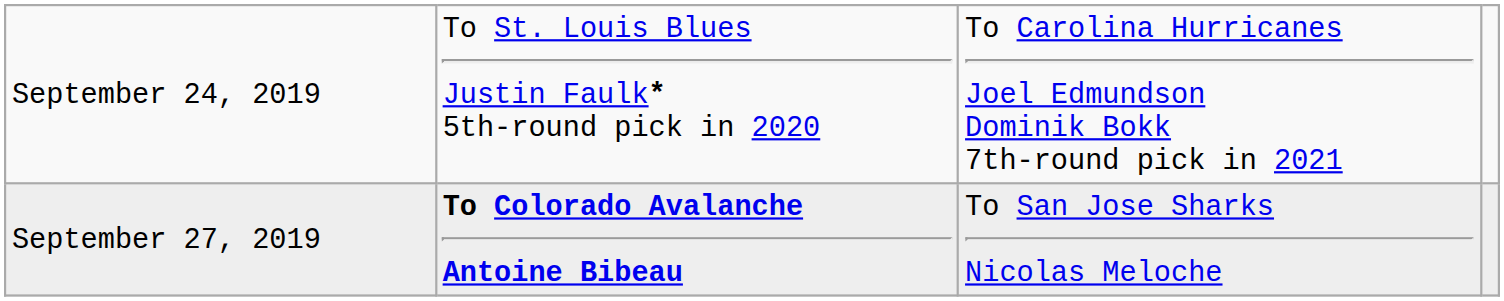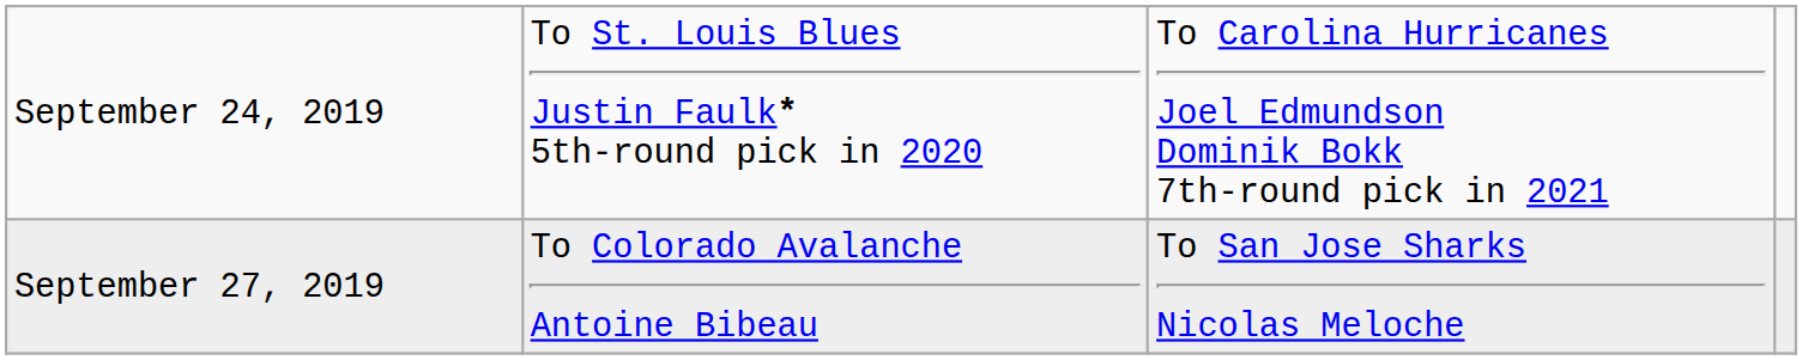 <table class="wikitable" style="border:1px solid #999999; width:680px;">
 <tr>
 <td>September 24, 2019</td>
 <td valign="top">To <a href='#'>St. Louis Blues</a><hr><a href='#'>Justin Faulk</a><span><strong>*</strong></span><br>5th-round pick in <a href='#'>2020</a></td>
 <td valign="top">To <a href='#'>Carolina Hurricanes</a><hr><a href='#'>Joel Edmundson</a><br><a href='#'>Dominik Bokk</a><br>7th-round pick in <a href='#'>2021</a></td>
 <td></td>
 </tr>
 <tr bgcolor="eeeeee">
 <td>September 27, 2019</td>
-<td valign="top"><strong>To <a href='#'>Colorado Avalanche</a><hr><a href='#'>Antoine Bibeau</a></strong></td>
+<td valign="top">To <a href='#'>Colorado Avalanche</a><hr><a href='#'>Antoine Bibeau</a></td>
 <td valign="top">To <a href='#'>San Jose Sharks</a><hr><a href='#'>Nicolas Meloche</a></td>
 <td></td>
 </tr>
 </table>
